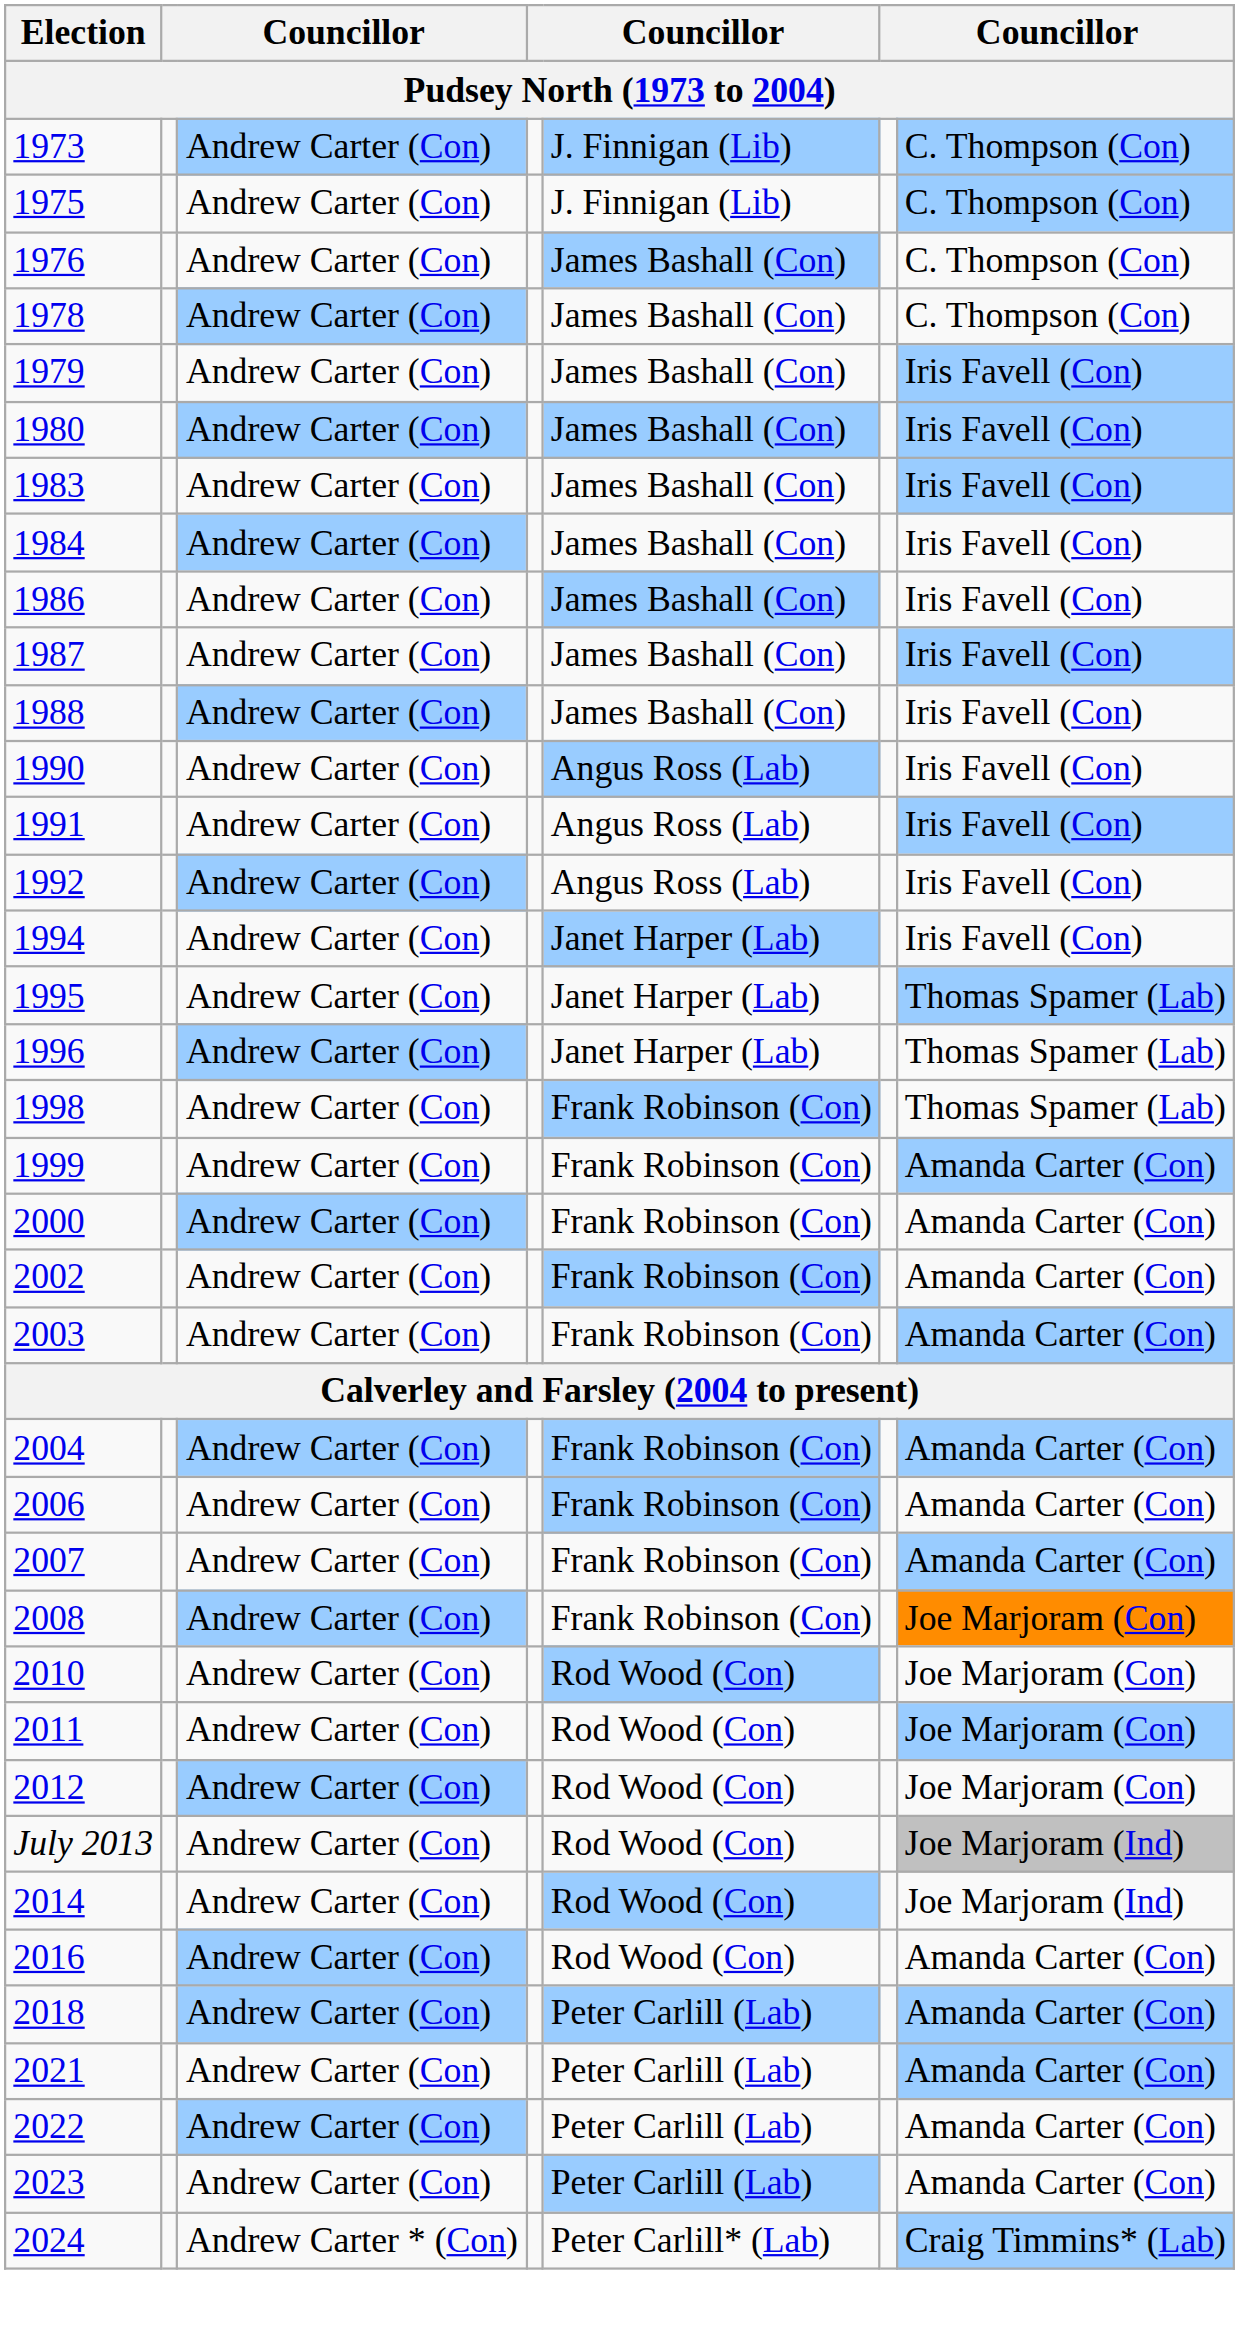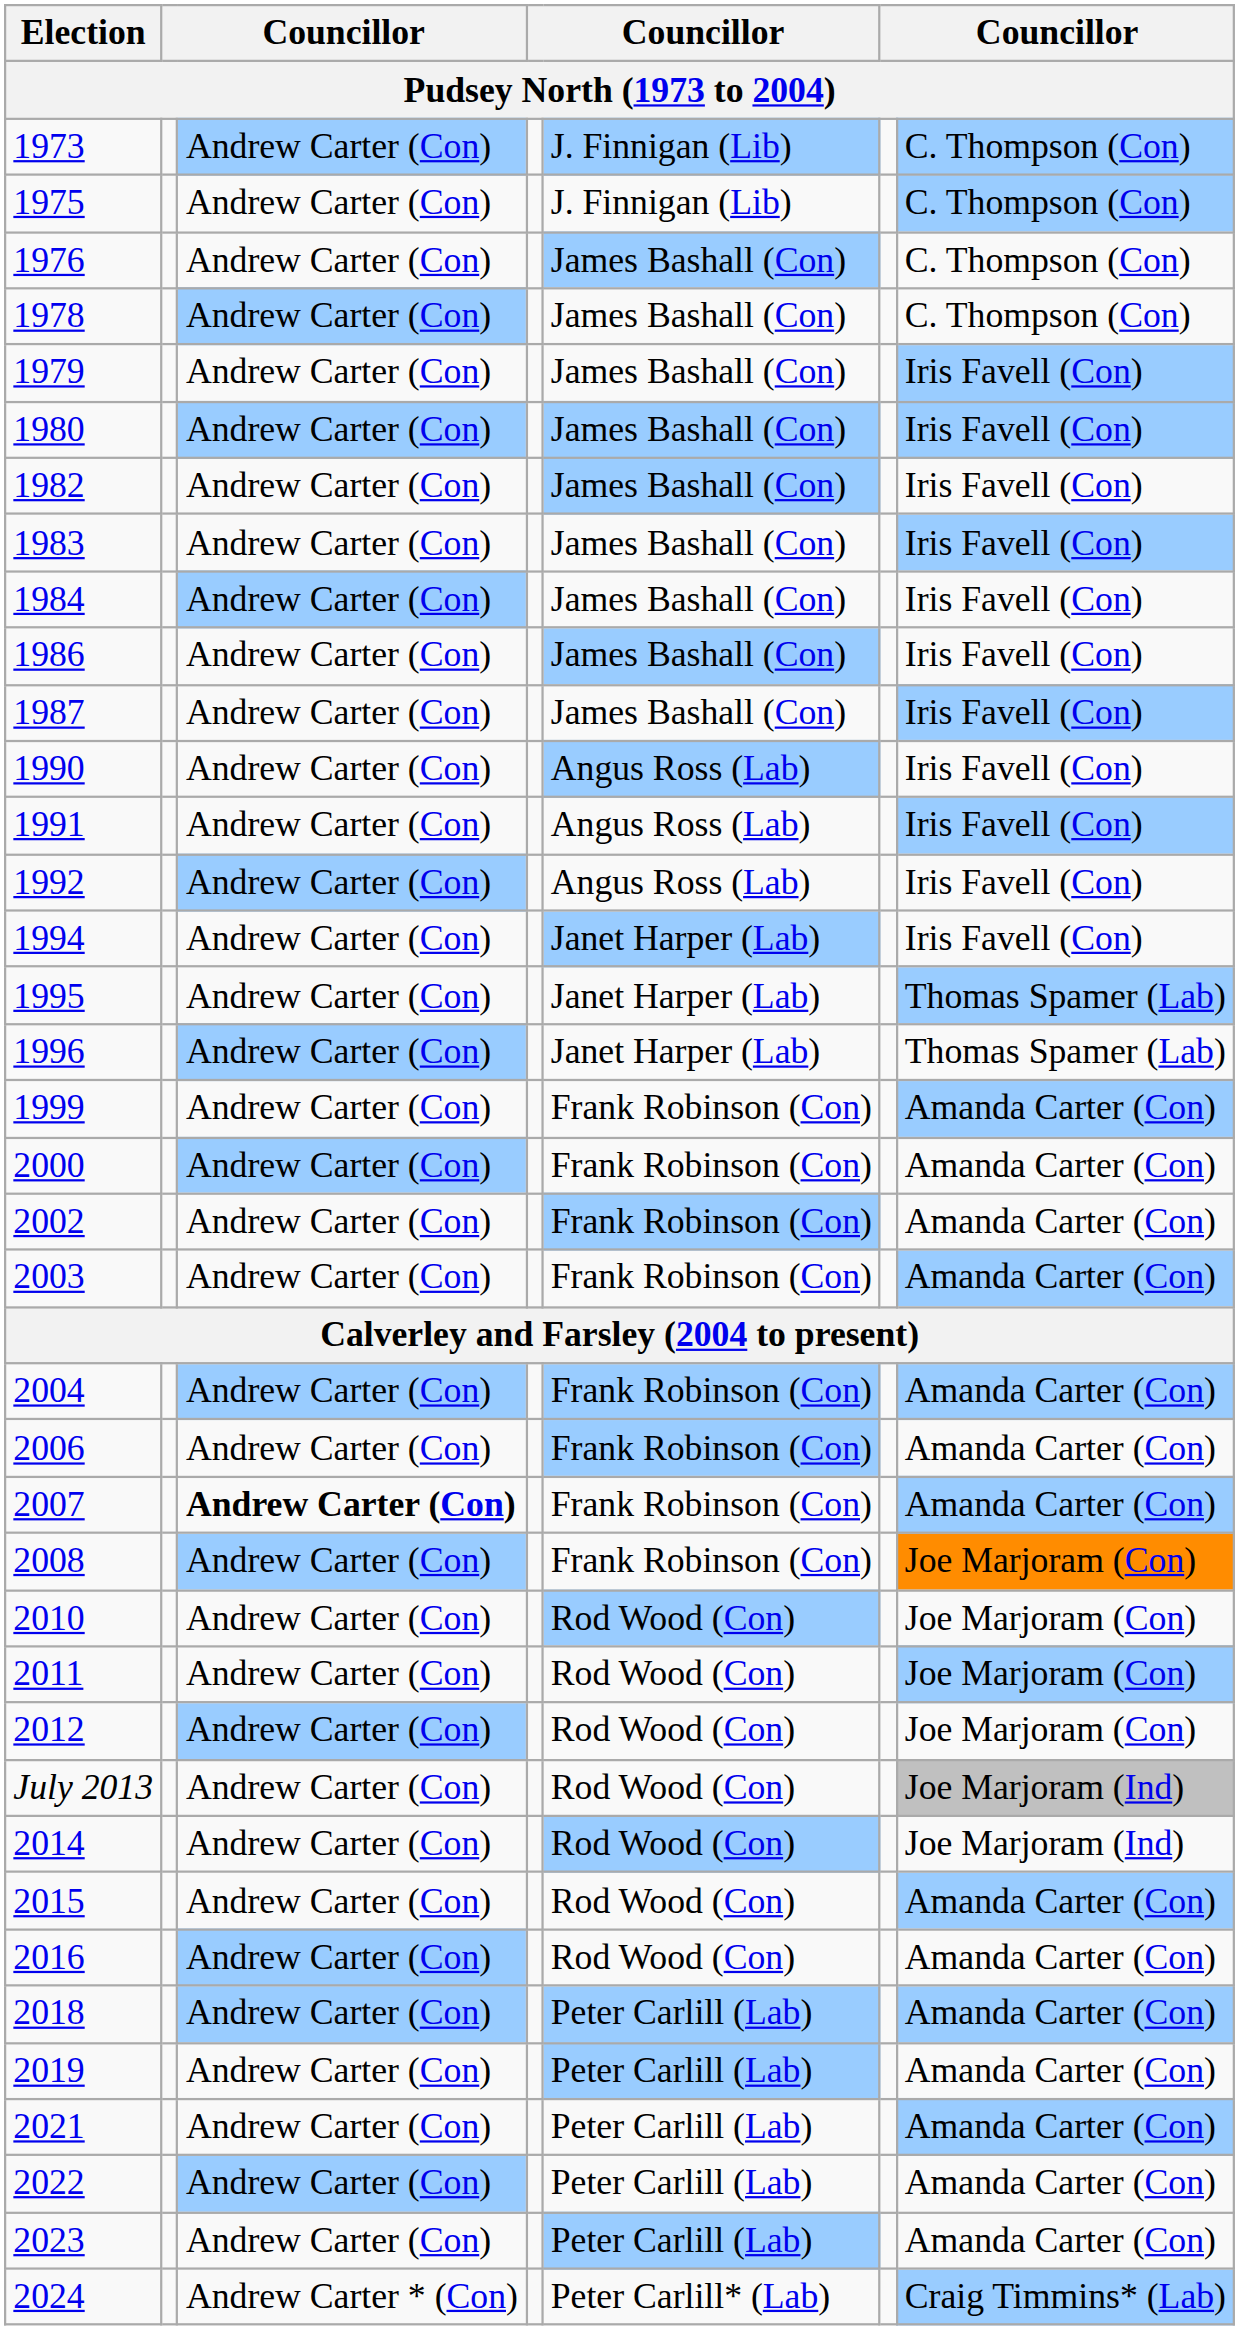 <table class="wikitable">
 <tr>
 <th>Election</th>
 <th colspan="2">Councillor</th>
 <th colspan="2">Councillor</th>
 <th colspan="2">Councillor</th>
 </tr>
 <tr>
 <th colspan=7>Pudsey North (<a href='#'>1973</a> to <a href='#'>2004</a>)</th>
 </tr>
 <tr>
 <td><a href='#'>1973</a></td>
 <td style="background-color: "></td>
 <td bgcolor="#99CCFF">Andrew Carter (<a href='#'>Con</a>)</td>
 <td style="background-color: "></td>
 <td bgcolor="#99CCFF">J. Finnigan (<a href='#'>Lib</a>)</td>
 <td style="background-color: "></td>
 <td bgcolor="#99CCFF">C. Thompson (<a href='#'>Con</a>)</td>
 </tr>
 <tr>
 <td><a href='#'>1975</a></td>
 <td style="background-color: "></td>
 <td>Andrew Carter (<a href='#'>Con</a>)</td>
 <td style="background-color: "></td>
 <td>J. Finnigan (<a href='#'>Lib</a>)</td>
 <td style="background-color: "></td>
 <td bgcolor="#99CCFF">C. Thompson (<a href='#'>Con</a>)</td>
 </tr>
 <tr>
 <td><a href='#'>1976</a></td>
 <td style="background-color: "></td>
 <td>Andrew Carter (<a href='#'>Con</a>)</td>
 <td style="background-color: "></td>
 <td bgcolor="#99CCFF">James Bashall (<a href='#'>Con</a>)</td>
 <td style="background-color: "></td>
 <td>C. Thompson (<a href='#'>Con</a>)</td>
 </tr>
 <tr>
 <td><a href='#'>1978</a></td>
 <td style="background-color: "></td>
 <td bgcolor="#99CCFF">Andrew Carter (<a href='#'>Con</a>)</td>
 <td style="background-color: "></td>
 <td>James Bashall (<a href='#'>Con</a>)</td>
 <td style="background-color: "></td>
 <td>C. Thompson (<a href='#'>Con</a>)</td>
 </tr>
 <tr>
 <td><a href='#'>1979</a></td>
 <td style="background-color: "></td>
 <td>Andrew Carter (<a href='#'>Con</a>)</td>
 <td style="background-color: "></td>
 <td>James Bashall (<a href='#'>Con</a>)</td>
 <td style="background-color: "></td>
 <td bgcolor="#99CCFF">Iris Favell (<a href='#'>Con</a>)</td>
 </tr>
 <tr>
 <td><a href='#'>1980</a></td>
 <td style="background-color: "></td>
 <td bgcolor="#99CCFF">Andrew Carter (<a href='#'>Con</a>)</td>
 <td style="background-color: "></td>
 <td bgcolor="#99CCFF">James Bashall (<a href='#'>Con</a>)</td>
 <td style="background-color: "></td>
 <td bgcolor="#99CCFF">Iris Favell (<a href='#'>Con</a>)</td>
 </tr>
 <tr>
+<td><a href='#'>1982</a></td>
+<td style="background-color: "></td>
+<td>Andrew Carter (<a href='#'>Con</a>)</td>
+<td style="background-color: "></td>
+<td bgcolor="#99CCFF">James Bashall (<a href='#'>Con</a>)</td>
+<td style="background-color: "></td>
+<td>Iris Favell (<a href='#'>Con</a>)</td>
+</tr>
+<tr>
 <td><a href='#'>1983</a></td>
 <td style="background-color: "></td>
 <td>Andrew Carter (<a href='#'>Con</a>)</td>
 <td style="background-color: "></td>
 <td>James Bashall (<a href='#'>Con</a>)</td>
 <td style="background-color: "></td>
 <td bgcolor="#99CCFF">Iris Favell (<a href='#'>Con</a>)</td>
 </tr>
 <tr>
 <td><a href='#'>1984</a></td>
 <td style="background-color: "></td>
 <td bgcolor="#99CCFF">Andrew Carter (<a href='#'>Con</a>)</td>
 <td style="background-color: "></td>
 <td>James Bashall (<a href='#'>Con</a>)</td>
 <td style="background-color: "></td>
 <td>Iris Favell (<a href='#'>Con</a>)</td>
 </tr>
 <tr>
 <td><a href='#'>1986</a></td>
 <td style="background-color: "></td>
 <td>Andrew Carter (<a href='#'>Con</a>)</td>
 <td style="background-color: "></td>
 <td bgcolor="#99CCFF">James Bashall (<a href='#'>Con</a>)</td>
 <td style="background-color: "></td>
 <td>Iris Favell (<a href='#'>Con</a>)</td>
 </tr>
 <tr>
 <td><a href='#'>1987</a></td>
 <td style="background-color: "></td>
 <td>Andrew Carter (<a href='#'>Con</a>)</td>
 <td style="background-color: "></td>
 <td>James Bashall (<a href='#'>Con</a>)</td>
 <td style="background-color: "></td>
 <td bgcolor="#99CCFF">Iris Favell (<a href='#'>Con</a>)</td>
-</tr>
-<tr>
-<td><a href='#'>1988</a></td>
-<td style="background-color: "></td>
-<td bgcolor="#99CCFF">Andrew Carter (<a href='#'>Con</a>)</td>
-<td style="background-color: "></td>
-<td>James Bashall (<a href='#'>Con</a>)</td>
-<td style="background-color: "></td>
-<td>Iris Favell (<a href='#'>Con</a>)</td>
 </tr>
 <tr>
 <td><a href='#'>1990</a></td>
 <td style="background-color: "></td>
 <td>Andrew Carter (<a href='#'>Con</a>)</td>
 <td style="background-color: "></td>
 <td bgcolor="#99CCFF">Angus Ross (<a href='#'>Lab</a>)</td>
 <td style="background-color: "></td>
 <td>Iris Favell (<a href='#'>Con</a>)</td>
 </tr>
 <tr>
 <td><a href='#'>1991</a></td>
 <td style="background-color: "></td>
 <td>Andrew Carter (<a href='#'>Con</a>)</td>
 <td style="background-color: "></td>
 <td>Angus Ross (<a href='#'>Lab</a>)</td>
 <td style="background-color: "></td>
 <td bgcolor="#99CCFF">Iris Favell (<a href='#'>Con</a>)</td>
 </tr>
 <tr>
 <td><a href='#'>1992</a></td>
 <td style="background-color: "></td>
 <td bgcolor="#99CCFF">Andrew Carter (<a href='#'>Con</a>)</td>
 <td style="background-color: "></td>
 <td>Angus Ross (<a href='#'>Lab</a>)</td>
 <td style="background-color: "></td>
 <td>Iris Favell (<a href='#'>Con</a>)</td>
 </tr>
 <tr>
 <td><a href='#'>1994</a></td>
 <td style="background-color: "></td>
 <td>Andrew Carter (<a href='#'>Con</a>)</td>
 <td style="background-color: "></td>
 <td bgcolor="#99CCFF">Janet Harper (<a href='#'>Lab</a>)</td>
 <td style="background-color: "></td>
 <td>Iris Favell (<a href='#'>Con</a>)</td>
 </tr>
 <tr>
 <td><a href='#'>1995</a></td>
 <td style="background-color: "></td>
 <td>Andrew Carter (<a href='#'>Con</a>)</td>
 <td style="background-color: "></td>
 <td>Janet Harper (<a href='#'>Lab</a>)</td>
 <td style="background-color: "></td>
 <td bgcolor="#99CCFF">Thomas Spamer (<a href='#'>Lab</a>)</td>
 </tr>
 <tr>
 <td><a href='#'>1996</a></td>
 <td style="background-color: "></td>
 <td bgcolor="#99CCFF">Andrew Carter (<a href='#'>Con</a>)</td>
 <td style="background-color: "></td>
 <td>Janet Harper (<a href='#'>Lab</a>)</td>
-<td style="background-color: "></td>
-<td>Thomas Spamer (<a href='#'>Lab</a>)</td>
-</tr>
-<tr>
-<td><a href='#'>1998</a></td>
-<td style="background-color: "></td>
-<td>Andrew Carter (<a href='#'>Con</a>)</td>
-<td style="background-color: "></td>
-<td bgcolor="#99CCFF">Frank Robinson (<a href='#'>Con</a>)</td>
 <td style="background-color: "></td>
 <td>Thomas Spamer (<a href='#'>Lab</a>)</td>
 </tr>
 <tr>
 <td><a href='#'>1999</a></td>
 <td style="background-color: "></td>
 <td>Andrew Carter (<a href='#'>Con</a>)</td>
 <td style="background-color: "></td>
 <td>Frank Robinson (<a href='#'>Con</a>)</td>
 <td style="background-color: "></td>
 <td bgcolor="#99CCFF">Amanda Carter (<a href='#'>Con</a>)</td>
 </tr>
 <tr>
 <td><a href='#'>2000</a></td>
 <td style="background-color: "></td>
 <td bgcolor="#99CCFF">Andrew Carter (<a href='#'>Con</a>)</td>
 <td style="background-color: "></td>
 <td>Frank Robinson (<a href='#'>Con</a>)</td>
 <td style="background-color: "></td>
 <td>Amanda Carter (<a href='#'>Con</a>)</td>
 </tr>
 <tr>
 <td><a href='#'>2002</a></td>
 <td style="background-color: "></td>
 <td>Andrew Carter (<a href='#'>Con</a>)</td>
 <td style="background-color: "></td>
 <td bgcolor="#99CCFF">Frank Robinson (<a href='#'>Con</a>)</td>
 <td style="background-color: "></td>
 <td>Amanda Carter (<a href='#'>Con</a>)</td>
 </tr>
 <tr>
 <td><a href='#'>2003</a></td>
 <td style="background-color: "></td>
 <td>Andrew Carter (<a href='#'>Con</a>)</td>
 <td style="background-color: "></td>
 <td>Frank Robinson (<a href='#'>Con</a>)</td>
 <td style="background-color: "></td>
 <td bgcolor="#99CCFF">Amanda Carter (<a href='#'>Con</a>)</td>
 </tr>
 <tr>
 <th colspan=7>Calverley and Farsley (<a href='#'>2004</a> to present)</th>
 </tr>
 <tr>
 <td><a href='#'>2004</a></td>
 <td style="background-color: "></td>
 <td bgcolor="#99CCFF">Andrew Carter (<a href='#'>Con</a>)</td>
 <td style="background-color: "></td>
 <td bgcolor="#99CCFF">Frank Robinson (<a href='#'>Con</a>)</td>
 <td style="background-color: "></td>
 <td bgcolor="#99CCFF">Amanda Carter (<a href='#'>Con</a>)</td>
 </tr>
 <tr>
 <td><a href='#'>2006</a></td>
 <td style="background-color: "></td>
 <td>Andrew Carter (<a href='#'>Con</a>)</td>
 <td style="background-color: "></td>
 <td bgcolor="#99CCFF">Frank Robinson (<a href='#'>Con</a>)</td>
 <td style="background-color: "></td>
 <td>Amanda Carter (<a href='#'>Con</a>)</td>
 </tr>
 <tr>
 <td><a href='#'>2007</a></td>
 <td style="background-color: "></td>
-<td>Andrew Carter (<a href='#'>Con</a>)</td>
+<td><strong>Andrew Carter (<a href='#'>Con</a>)</strong></td>
 <td style="background-color: "></td>
 <td>Frank Robinson (<a href='#'>Con</a>)</td>
 <td style="background-color: "></td>
 <td bgcolor="#99CCFF">Amanda Carter (<a href='#'>Con</a>)</td>
 </tr>
 <tr>
 <td><a href='#'>2008</a></td>
 <td style="background-color: "></td>
 <td bgcolor="#99CCFF">Andrew Carter (<a href='#'>Con</a>)</td>
 <td style="background-color: "></td>
 <td>Frank Robinson (<a href='#'>Con</a>)</td>
 <td style="background-color: "></td>
 <td bgcolor="#FF8C00">Joe Marjoram (<a href='#'>Con</a>)</td>
 </tr>
 <tr>
 <td><a href='#'>2010</a></td>
 <td style="background-color: "></td>
 <td>Andrew Carter (<a href='#'>Con</a>)</td>
 <td style="background-color: "></td>
 <td bgcolor="#99CCFF">Rod Wood (<a href='#'>Con</a>)</td>
 <td style="background-color: "></td>
 <td>Joe Marjoram (<a href='#'>Con</a>)</td>
 </tr>
 <tr>
 <td><a href='#'>2011</a></td>
 <td style="background-color: "></td>
 <td>Andrew Carter (<a href='#'>Con</a>)</td>
 <td style="background-color: "></td>
 <td>Rod Wood (<a href='#'>Con</a>)</td>
 <td style="background-color: "></td>
 <td bgcolor="#99CCFF">Joe Marjoram (<a href='#'>Con</a>)</td>
 </tr>
 <tr>
 <td><a href='#'>2012</a></td>
 <td style="background-color: "></td>
 <td bgcolor="#99CCFF">Andrew Carter (<a href='#'>Con</a>)</td>
 <td style="background-color: "></td>
 <td>Rod Wood (<a href='#'>Con</a>)</td>
 <td style="background-color: "></td>
 <td>Joe Marjoram (<a href='#'>Con</a>)</td>
 </tr>
 <tr>
 <td><em>July 2013</em></td>
 <td style="background-color: "></td>
 <td>Andrew Carter (<a href='#'>Con</a>)</td>
 <td style="background-color: "></td>
 <td>Rod Wood (<a href='#'>Con</a>)</td>
 <td style="background-color: "></td>
 <td bgcolor="#C0C0C0">Joe Marjoram (<a href='#'>Ind</a>)</td>
 </tr>
 <tr>
 <td><a href='#'>2014</a></td>
 <td style="background-color: "></td>
 <td>Andrew Carter (<a href='#'>Con</a>)</td>
 <td style="background-color: "></td>
 <td bgcolor="#99CCFF">Rod Wood (<a href='#'>Con</a>)</td>
 <td style="background-color: "></td>
 <td>Joe Marjoram (<a href='#'>Ind</a>)</td>
 </tr>
 <tr>
+<td><a href='#'>2015</a></td>
+<td style="background-color: "></td>
+<td>Andrew Carter  (<a href='#'>Con</a>)</td>
+<td style="background-color: "></td>
+<td>Rod Wood (<a href='#'>Con</a>)</td>
+<td style="background-color: "></td>
+<td bgcolor="#99CCFF">Amanda Carter (<a href='#'>Con</a>)</td>
+</tr>
+<tr>
 <td><a href='#'>2016</a></td>
 <td style="background-color: "></td>
 <td bgcolor="#99CCFF">Andrew Carter  (<a href='#'>Con</a>)</td>
 <td style="background-color: "></td>
 <td>Rod Wood (<a href='#'>Con</a>)</td>
 <td style="background-color: "></td>
 <td>Amanda Carter (<a href='#'>Con</a>)</td>
 </tr>
 <tr>
 <td><a href='#'>2018</a></td>
 <td style="background-color: "></td>
 <td bgcolor="#99CCFF">Andrew Carter  (<a href='#'>Con</a>)</td>
 <td style="background-color: "></td>
 <td bgcolor="#99CCFF">Peter Carlill (<a href='#'>Lab</a>)</td>
 <td style="background-color: "></td>
 <td bgcolor="#99CCFF">Amanda Carter (<a href='#'>Con</a>)</td>
+</tr>
+<tr>
+<td><a href='#'>2019</a></td>
+<td style="background-color: "></td>
+<td>Andrew Carter  (<a href='#'>Con</a>)</td>
+<td style="background-color: "></td>
+<td bgcolor="#99CCFF">Peter Carlill (<a href='#'>Lab</a>)</td>
+<td style="background-color: "></td>
+<td>Amanda Carter (<a href='#'>Con</a>)</td>
 </tr>
 <tr>
 <td><a href='#'>2021</a></td>
 <td style="background-color: "></td>
 <td>Andrew Carter  (<a href='#'>Con</a>)</td>
 <td style="background-color: "></td>
 <td>Peter Carlill (<a href='#'>Lab</a>)</td>
 <td style="background-color: "></td>
 <td bgcolor="#99CCFF">Amanda Carter (<a href='#'>Con</a>)</td>
 </tr>
 <tr>
 <td><a href='#'>2022</a></td>
 <td style="background-color: "></td>
 <td bgcolor="#99CCFF">Andrew Carter  (<a href='#'>Con</a>)</td>
 <td style="background-color: "></td>
 <td>Peter Carlill (<a href='#'>Lab</a>)</td>
 <td style="background-color: "></td>
 <td>Amanda Carter (<a href='#'>Con</a>)</td>
 </tr>
 <tr>
 <td><a href='#'>2023</a></td>
 <td style="background-color: "></td>
 <td>Andrew Carter  (<a href='#'>Con</a>)</td>
 <td style="background-color: "></td>
 <td bgcolor="#99CCFF">Peter Carlill (<a href='#'>Lab</a>)</td>
 <td style="background-color: "></td>
 <td>Amanda Carter (<a href='#'>Con</a>)</td>
 </tr>
 <tr>
 <td><a href='#'>2024</a></td>
 <td style="background-color: "></td>
 <td>Andrew Carter * (<a href='#'>Con</a>)</td>
 <td style="background-color: "></td>
 <td>Peter Carlill* (<a href='#'>Lab</a>)</td>
 <td style="background-color: "></td>
 <td bgcolor="#99CCFF">Craig Timmins* (<a href='#'>Lab</a>)</td>
 </tr>
 </table>
